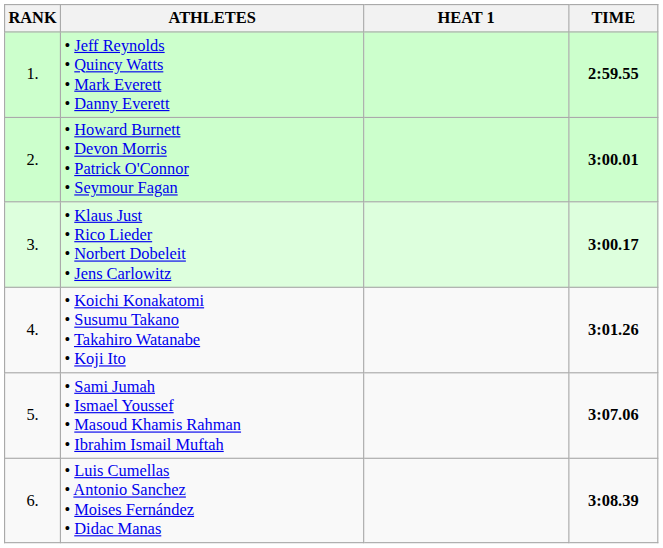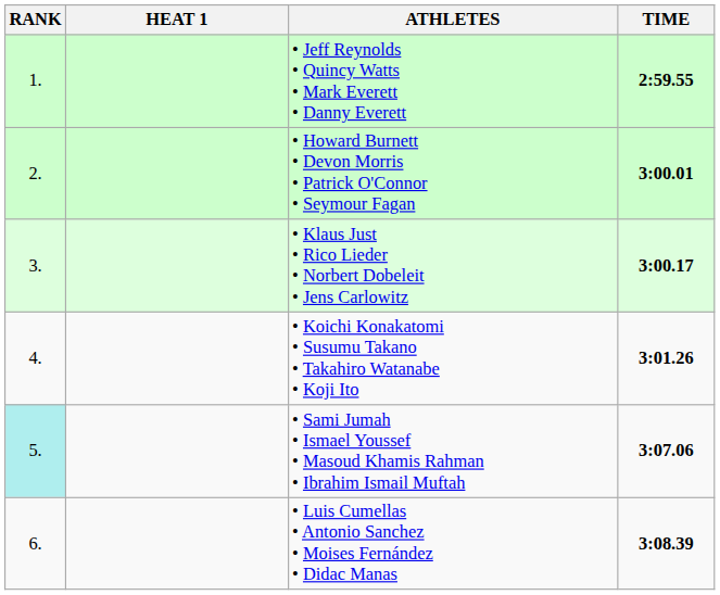 <table class="wikitable" style="border-collapse: collapse; font-size: 90%;">
 <tr>
 <th>RANK</th>
+<th style="width: 12em">HEAT 1</th>
 <th style="width: 18em">ATHLETES</th>
-<th style="width: 12em">HEAT 1</th>
 <th style="width: 5em">TIME</th>
 </tr>
 <tr style="background:#ccffcc;">
 <td align="center">1.</td>
+<td align="center"></td>
 <td>• <a href='#'>Jeff Reynolds</a><br>• <a href='#'>Quincy Watts</a><br>• <a href='#'>Mark Everett</a><br>• <a href='#'>Danny Everett</a></td>
-<td align="center"></td>
 <td align="center"><strong>2:59.55</strong></td>
 </tr>
 <tr style="background:#ccffcc;">
 <td align="center">2.</td>
+<td align="center"></td>
 <td>• <a href='#'>Howard Burnett</a><br>• <a href='#'>Devon Morris</a><br>• <a href='#'>Patrick O'Connor</a><br>• <a href='#'>Seymour Fagan</a></td>
-<td align="center"></td>
 <td align="center"><strong>3:00.01</strong></td>
 </tr>
 <tr style="background:#ddffdd;">
 <td align="center">3.</td>
+<td align="center"></td>
 <td>• <a href='#'>Klaus Just</a><br>• <a href='#'>Rico Lieder</a><br>• <a href='#'>Norbert Dobeleit</a><br>• <a href='#'>Jens Carlowitz</a></td>
-<td align="center"></td>
 <td align="center"><strong>3:00.17</strong></td>
 </tr>
 <tr>
 <td align="center">4.</td>
+<td align="center"></td>
 <td>• <a href='#'>Koichi Konakatomi</a><br>• <a href='#'>Susumu Takano</a><br>• <a href='#'>Takahiro Watanabe</a><br>• <a href='#'>Koji Ito</a></td>
-<td align="center"></td>
 <td align="center"><strong>3:01.26</strong></td>
 </tr>
 <tr>
-<td align="center">5.</td>
+<td align="center" style="background: paleturquoise;">5.</td>
+<td align="center"></td>
 <td>• <a href='#'>Sami Jumah</a><br>• <a href='#'>Ismael Youssef</a><br>• <a href='#'>Masoud Khamis Rahman</a><br>• <a href='#'>Ibrahim Ismail Muftah</a></td>
-<td align="center"></td>
 <td align="center"><strong>3:07.06</strong></td>
 </tr>
 <tr>
 <td align="center">6.</td>
+<td align="center"></td>
 <td>• <a href='#'>Luis Cumellas</a><br>• <a href='#'>Antonio Sanchez</a><br>• <a href='#'>Moises Fernández</a><br>• <a href='#'>Didac Manas</a></td>
-<td align="center"></td>
 <td align="center"><strong>3:08.39</strong></td>
 </tr>
 </table>
